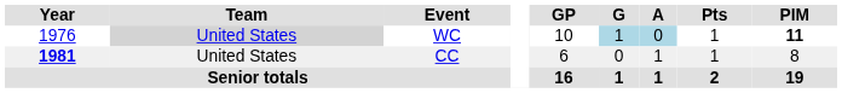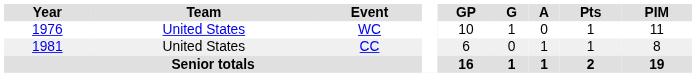 <table border="0" cellpadding="1" cellspacing="0" style="text-align:center; width:50em">
 <tr ALIGN="center" bgcolor="#e0e0e0">
 <th>Year</th>
 <th>Team</th>
 <th>Event</th>
 <th rowspan="99" bgcolor="#ffffff"> </th>
 <th>GP</th>
 <th>G</th>
 <th>A</th>
 <th>Pts</th>
 <th>PIM</th>
 </tr>
 <tr>
 <td><a href='#'>1976</a></td>
-<td style="background: lightgrey;"><a href='#'>United States</a></td>
+<td><a href='#'>United States</a></td>
 <td><a href='#'>WC</a></td>
 <td>10</td>
-<td style="background: lightblue;">1</td>
-<td style="background: lightblue;">0</td>
 <td>1</td>
-<td><strong>11</strong></td>
+<td>0</td>
+<td>1</td>
+<td>11</td>
 </tr>
 <tr bgcolor="#f0f0f0">
-<td><strong><a href='#'>1981</a></strong></td>
+<td><a href='#'>1981</a></td>
 <td>United States</td>
 <td><a href='#'>CC</a></td>
 <td>6</td>
 <td>0</td>
 <td>1</td>
 <td>1</td>
 <td>8</td>
 </tr>
 <tr bgcolor="#e0e0e0">
 <th colspan=3>Senior totals</th>
 <th>16</th>
 <th>1</th>
 <th>1</th>
 <th>2</th>
 <th>19</th>
 </tr>
 </table>
